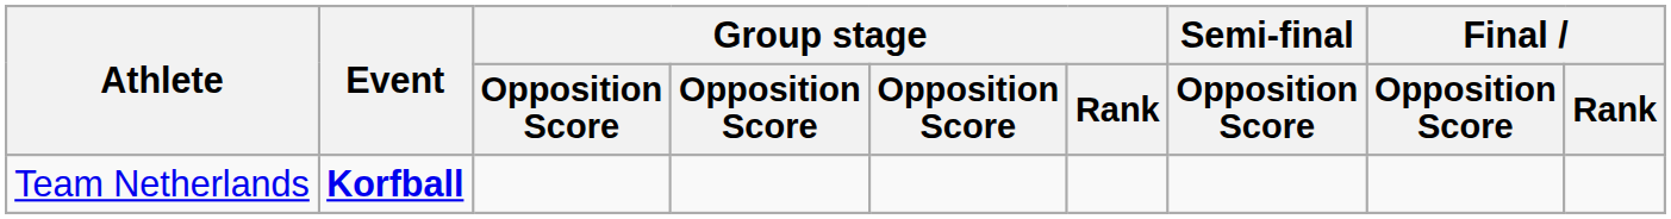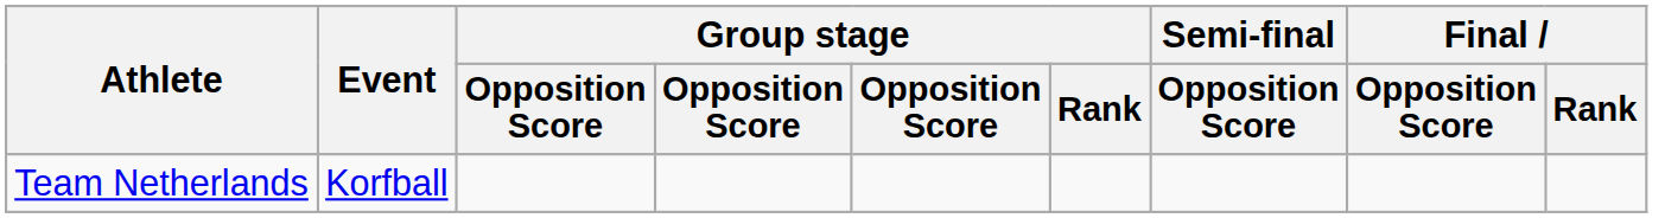 <table class="wikitable" style="font-size:90%">
 <tr>
 <th rowspan=2>Athlete</th>
 <th rowspan=2>Event</th>
 <th colspan=4>Group stage</th>
 <th>Semi-final</th>
 <th colspan=2>Final / </th>
 </tr>
 <tr style="font-size:95%">
 <th>Opposition<br>Score</th>
 <th>Opposition<br>Score</th>
 <th>Opposition<br>Score</th>
 <th>Rank</th>
 <th>Opposition<br>Score</th>
 <th>Opposition<br>Score</th>
 <th>Rank</th>
 </tr>
 <tr align=center>
 <td align=left><a href='#'>Team Netherlands</a></td>
-<td align=left><strong><a href='#'>Korfball</a></strong></td>
+<td align=left><a href='#'>Korfball</a></td>
 <td></td>
 <td></td>
 <td></td>
 <td></td>
 <td></td>
 <td></td>
 <td></td>
 </tr>
 </table>
